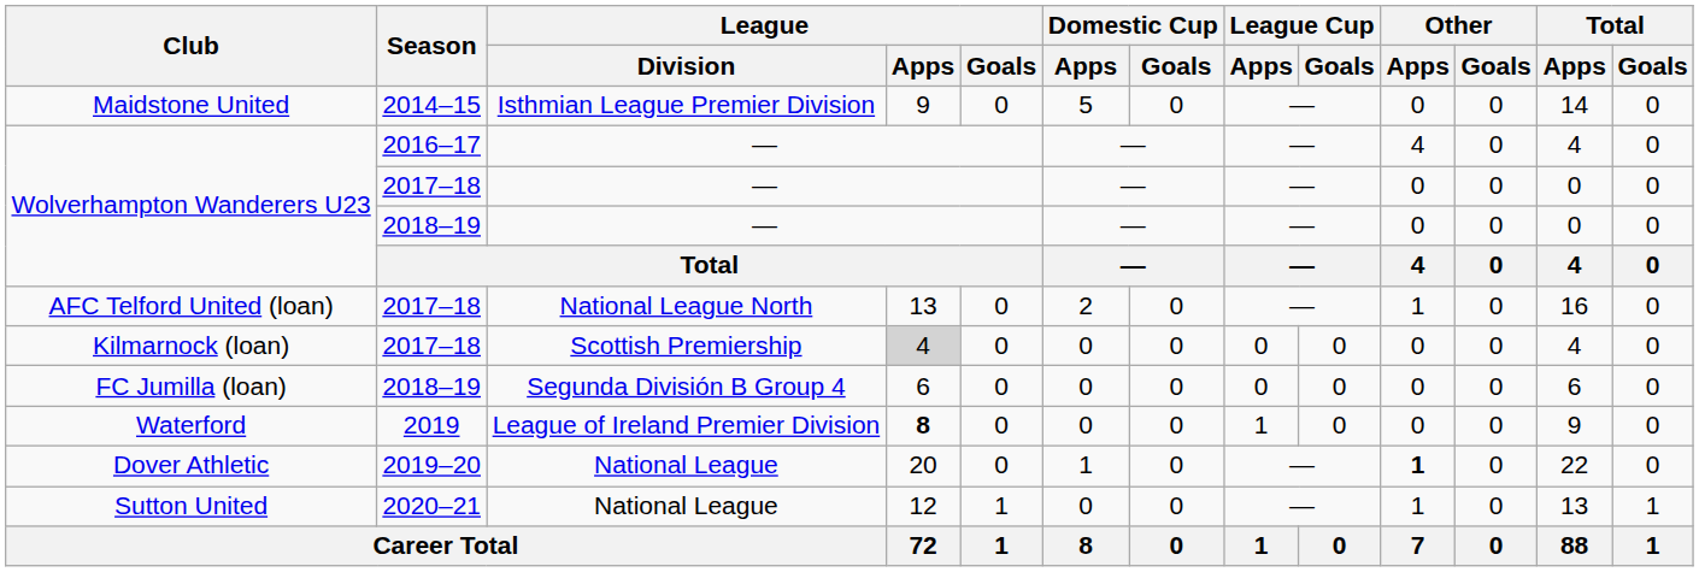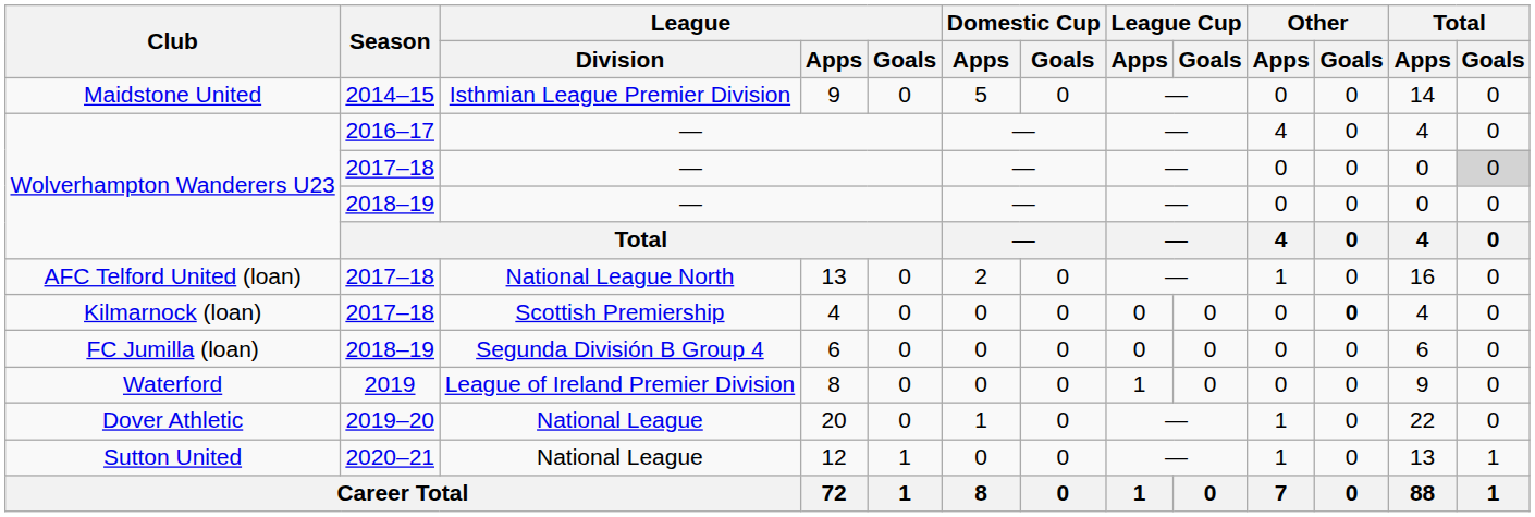 <table class="wikitable" style="text-align: center">
 <tr>
 <th rowspan="2">Club</th>
 <th rowspan="2">Season</th>
 <th colspan="3">League</th>
 <th colspan="2">Domestic Cup</th>
 <th colspan="2">League Cup</th>
 <th colspan="2">Other</th>
 <th colspan="2">Total</th>
 </tr>
 <tr>
 <th>Division</th>
 <th>Apps</th>
 <th>Goals</th>
 <th>Apps</th>
 <th>Goals</th>
 <th>Apps</th>
 <th>Goals</th>
 <th>Apps</th>
 <th>Goals</th>
 <th>Apps</th>
 <th>Goals</th>
 </tr>
 <tr>
 <td><a href='#'>Maidstone United</a></td>
 <td><a href='#'>2014–15</a></td>
 <td><a href='#'>Isthmian League Premier Division</a></td>
 <td>9</td>
 <td>0</td>
 <td>5</td>
 <td>0</td>
 <td colspan="2">—</td>
 <td>0</td>
 <td>0</td>
 <td>14</td>
 <td>0</td>
 </tr>
 <tr>
 <td rowspan="4"><a href='#'>Wolverhampton Wanderers U23</a></td>
 <td><a href='#'>2016–17</a></td>
 <td colspan="3">—</td>
 <td colspan="2">—</td>
 <td colspan="2">—</td>
 <td>4</td>
 <td>0</td>
 <td>4</td>
 <td>0</td>
 </tr>
 <tr>
 <td><a href='#'>2017–18</a></td>
 <td colspan="3">—</td>
 <td colspan="2">—</td>
 <td colspan="2">—</td>
 <td>0</td>
 <td>0</td>
 <td>0</td>
-<td>0</td>
+<td style="background: lightgrey;">0</td>
 </tr>
 <tr>
 <td><a href='#'>2018–19</a></td>
 <td colspan="3">—</td>
 <td colspan="2">—</td>
 <td colspan="2">—</td>
 <td>0</td>
 <td>0</td>
 <td>0</td>
 <td>0</td>
 </tr>
 <tr>
 <th colspan="4">Total</th>
 <th colspan="2">—</th>
 <th colspan="2">—</th>
 <th>4</th>
 <th>0</th>
 <th>4</th>
 <th>0</th>
 </tr>
 <tr>
 <td><a href='#'>AFC Telford United</a> (loan)</td>
 <td><a href='#'>2017–18</a></td>
 <td><a href='#'>National League North</a></td>
 <td>13</td>
 <td>0</td>
 <td>2</td>
 <td>0</td>
 <td colspan="2">—</td>
 <td>1</td>
 <td>0</td>
 <td>16</td>
 <td>0</td>
 </tr>
 <tr>
 <td><a href='#'>Kilmarnock</a> (loan)</td>
 <td><a href='#'>2017–18</a></td>
 <td><a href='#'>Scottish Premiership</a></td>
-<td style="background: lightgrey;">4</td>
+<td>4</td>
 <td>0</td>
 <td>0</td>
 <td>0</td>
 <td>0</td>
 <td>0</td>
 <td>0</td>
-<td>0</td>
+<td><strong>0</strong></td>
 <td>4</td>
 <td>0</td>
 </tr>
 <tr>
 <td><a href='#'>FC Jumilla</a> (loan)</td>
 <td><a href='#'>2018–19</a></td>
 <td><a href='#'>Segunda División B Group 4</a></td>
 <td>6</td>
 <td>0</td>
 <td>0</td>
 <td>0</td>
 <td>0</td>
 <td>0</td>
 <td>0</td>
 <td>0</td>
 <td>6</td>
 <td>0</td>
 </tr>
 <tr>
 <td><a href='#'>Waterford</a></td>
 <td><a href='#'>2019</a></td>
 <td><a href='#'>League of Ireland Premier Division</a></td>
-<td><strong>8</strong></td>
+<td>8</td>
 <td>0</td>
 <td>0</td>
 <td>0</td>
 <td>1</td>
 <td>0</td>
 <td>0</td>
 <td>0</td>
 <td>9</td>
 <td>0</td>
 </tr>
 <tr>
 <td><a href='#'>Dover Athletic</a></td>
 <td><a href='#'>2019–20</a></td>
 <td><a href='#'>National League</a></td>
 <td>20</td>
 <td>0</td>
 <td>1</td>
 <td>0</td>
 <td colspan="2">—</td>
-<td><strong>1</strong></td>
+<td>1</td>
 <td>0</td>
 <td>22</td>
 <td>0</td>
 </tr>
 <tr>
 <td><a href='#'>Sutton United</a></td>
 <td><a href='#'>2020–21</a></td>
 <td>National League</td>
 <td>12</td>
 <td>1</td>
 <td>0</td>
 <td>0</td>
 <td colspan="2">—</td>
 <td>1</td>
 <td>0</td>
 <td>13</td>
 <td>1</td>
 </tr>
 <tr>
 <th colspan="3">Career Total</th>
 <th>72</th>
 <th>1</th>
 <th>8</th>
 <th>0</th>
 <th>1</th>
 <th>0</th>
 <th>7</th>
 <th>0</th>
 <th>88</th>
 <th>1</th>
 </tr>
 </table>
